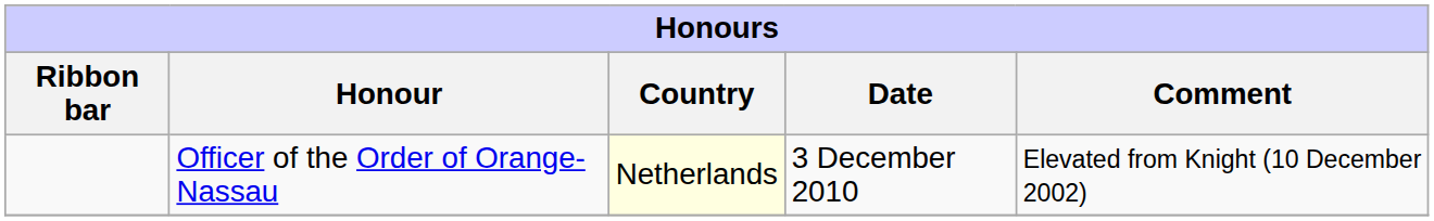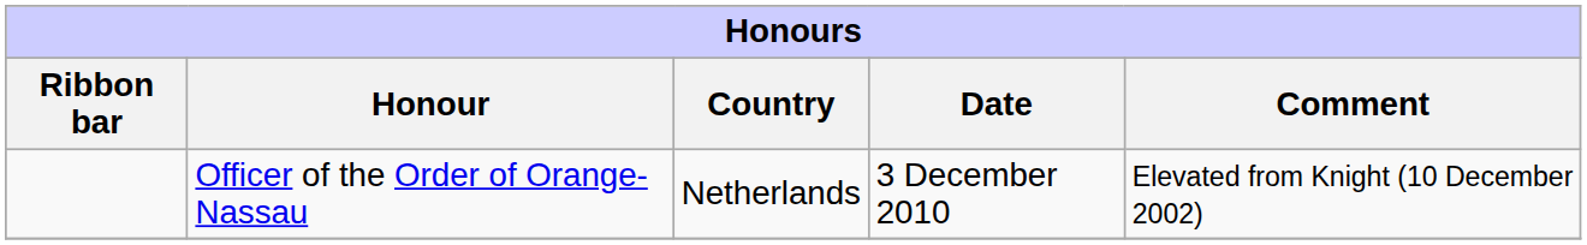 <table class="wikitable" style="width:60%;">
 <tr style="background:#ccf; text-align:center;">
 <td colspan=5><strong>Honours</strong></td>
 </tr>
 <tr>
 <th style="width:80px;">Ribbon bar</th>
 <th>Honour</th>
 <th>Country</th>
 <th>Date</th>
 <th>Comment</th>
 </tr>
 <tr>
 <td></td>
 <td><a href='#'>Officer</a> of the <a href='#'>Order of Orange-Nassau</a></td>
-<td style="background: lightyellow;">Netherlands</td>
+<td>Netherlands</td>
 <td>3 December 2010</td>
 <td><small>Elevated from Knight (10 December 2002)</small></td>
 </tr>
 <tr>
 </tr>
 </table>
